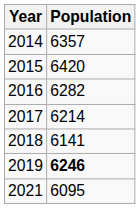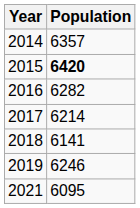 <table class="wikitable">
 <tr>
 <th>Year</th>
 <th>Population</th>
 </tr>
 <tr>
 <td>2014</td>
 <td>6357</td>
 </tr>
 <tr>
 <td>2015</td>
-<td>6420</td>
+<td><strong>6420</strong></td>
 </tr>
 <tr>
 <td>2016</td>
 <td>6282</td>
 </tr>
 <tr>
 <td>2017</td>
 <td>6214</td>
 </tr>
 <tr>
 <td>2018</td>
 <td>6141</td>
 </tr>
 <tr>
 <td>2019</td>
-<td><strong>6246</strong></td>
+<td>6246</td>
 </tr>
 <tr>
 <td>2021</td>
 <td>6095</td>
 </tr>
 </table>
